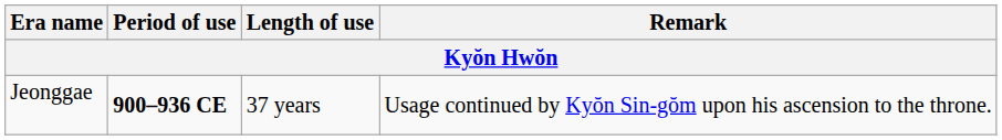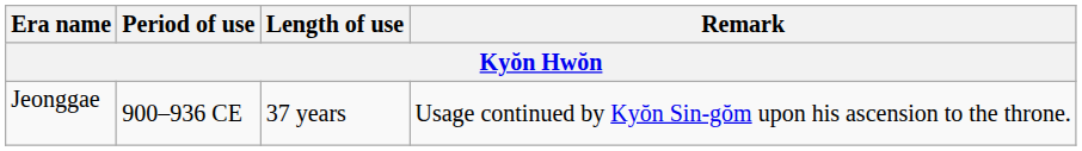 <table class="wikitable">
 <tr>
 <th>Era name</th>
 <th>Period of use</th>
 <th>Length of use</th>
 <th>Remark</th>
 </tr>
 <tr>
 <th colspan="4"><a href='#'>Kyŏn Hwŏn</a><br></th>
 </tr>
 <tr>
 <td>Jeonggae<br><br></td>
-<td><strong>900–936 CE</strong></td>
+<td>900–936 CE</td>
 <td>37 years</td>
 <td>Usage continued by <a href='#'>Kyŏn Sin-gŏm</a> upon his ascension to the throne.</td>
 </tr>
 </table>
